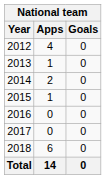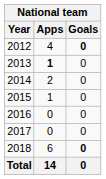 <table class="wikitable" style="text-align:center">
 <tr>
 <th colspan=3>National team</th>
 </tr>
 <tr>
 <th>Year</th>
 <th>Apps</th>
 <th>Goals</th>
 </tr>
 <tr>
 <td>2012</td>
 <td>4</td>
-<td>0</td>
+<td><strong>0</strong></td>
 </tr>
 <tr>
 <td>2013</td>
-<td>1</td>
+<td><strong>1</strong></td>
 <td>0</td>
 </tr>
 <tr>
 <td>2014</td>
 <td>2</td>
 <td>0</td>
 </tr>
 <tr>
 <td>2015</td>
 <td>1</td>
 <td>0</td>
 </tr>
 <tr>
 <td>2016</td>
 <td>0</td>
 <td>0</td>
 </tr>
 <tr>
 <td>2017</td>
 <td>0</td>
 <td>0</td>
 </tr>
 <tr>
 <td>2018</td>
 <td>6</td>
-<td>0</td>
+<td><strong>0</strong></td>
 </tr>
 <tr>
 <th>Total</th>
 <th>14</th>
 <th>0</th>
 </tr>
 </table>
